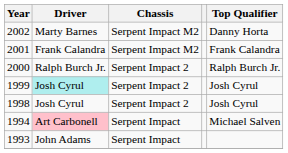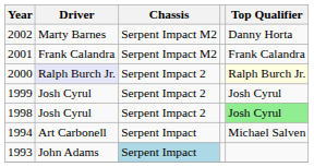 <table class="wikitable">
 <tr>
 <th>Year</th>
 <th>Driver</th>
 <th>Chassis</th>
 <th></th>
 <th>Top Qualifier</th>
 </tr>
 <tr>
 <td>2002</td>
 <td> Marty Barnes</td>
 <td>Serpent Impact M2</td>
 <td></td>
 <td> Danny Horta</td>
 </tr>
 <tr>
 <td>2001</td>
 <td> Frank Calandra</td>
 <td>Serpent Impact M2</td>
 <td></td>
 <td> Frank Calandra</td>
 </tr>
 <tr>
 <td>2000</td>
-<td> Ralph Burch Jr.</td>
+<td style="background: lavender;"> Ralph Burch Jr.</td>
 <td>Serpent Impact 2</td>
 <td></td>
-<td> Ralph Burch Jr.</td>
+<td style="background: lightyellow;"> Ralph Burch Jr.</td>
 </tr>
 <tr>
 <td>1999</td>
-<td style="background: paleturquoise;"> Josh Cyrul</td>
+<td> Josh Cyrul</td>
 <td>Serpent Impact 2</td>
 <td></td>
 <td> Josh Cyrul</td>
 </tr>
 <tr>
 <td>1998</td>
 <td> Josh Cyrul</td>
 <td>Serpent Impact 2</td>
 <td></td>
-<td> Josh Cyrul</td>
+<td style="background: lightgreen;"> Josh Cyrul</td>
 </tr>
 <tr>
 <td>1994</td>
-<td style="background: pink;"> Art Carbonell</td>
+<td> Art Carbonell</td>
 <td>Serpent Impact</td>
 <td></td>
 <td> Michael Salven</td>
 </tr>
 <tr>
 <td>1993</td>
 <td> John Adams</td>
-<td>Serpent Impact</td>
+<td style="background: lightblue;">Serpent Impact</td>
 <td></td>
 <td></td>
 </tr>
 <tr>
 </tr>
 </table>
